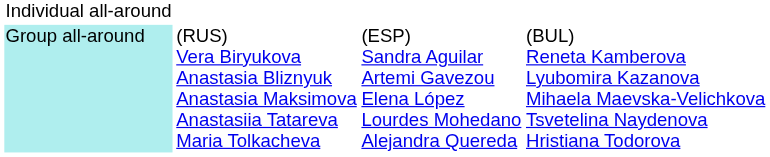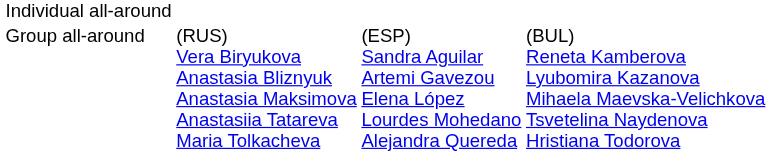 <table>
 <tr>
 <td>Individual all-around<br></td>
 <td></td>
 <td></td>
 <td></td>
 </tr>
 <tr valign="top">
-<td style="background: paleturquoise;">Group all-around<br></td>
+<td>Group all-around<br></td>
 <td> (RUS)<br><a href='#'>Vera Biryukova</a><br><a href='#'>Anastasia Bliznyuk</a><br><a href='#'>Anastasia Maksimova</a><br><a href='#'>Anastasiia Tatareva</a><br><a href='#'>Maria Tolkacheva</a></td>
 <td> (ESP)<br><a href='#'>Sandra Aguilar</a><br><a href='#'>Artemi Gavezou</a><br><a href='#'>Elena López</a><br><a href='#'>Lourdes Mohedano</a><br><a href='#'>Alejandra Quereda</a></td>
 <td> (BUL)<br><a href='#'>Reneta Kamberova</a><br><a href='#'>Lyubomira Kazanova</a><br><a href='#'>Mihaela Maevska-Velichkova</a><br><a href='#'>Tsvetelina Naydenova</a><br><a href='#'>Hristiana Todorova</a></td>
 </tr>
 <tr>
 </tr>
 </table>
